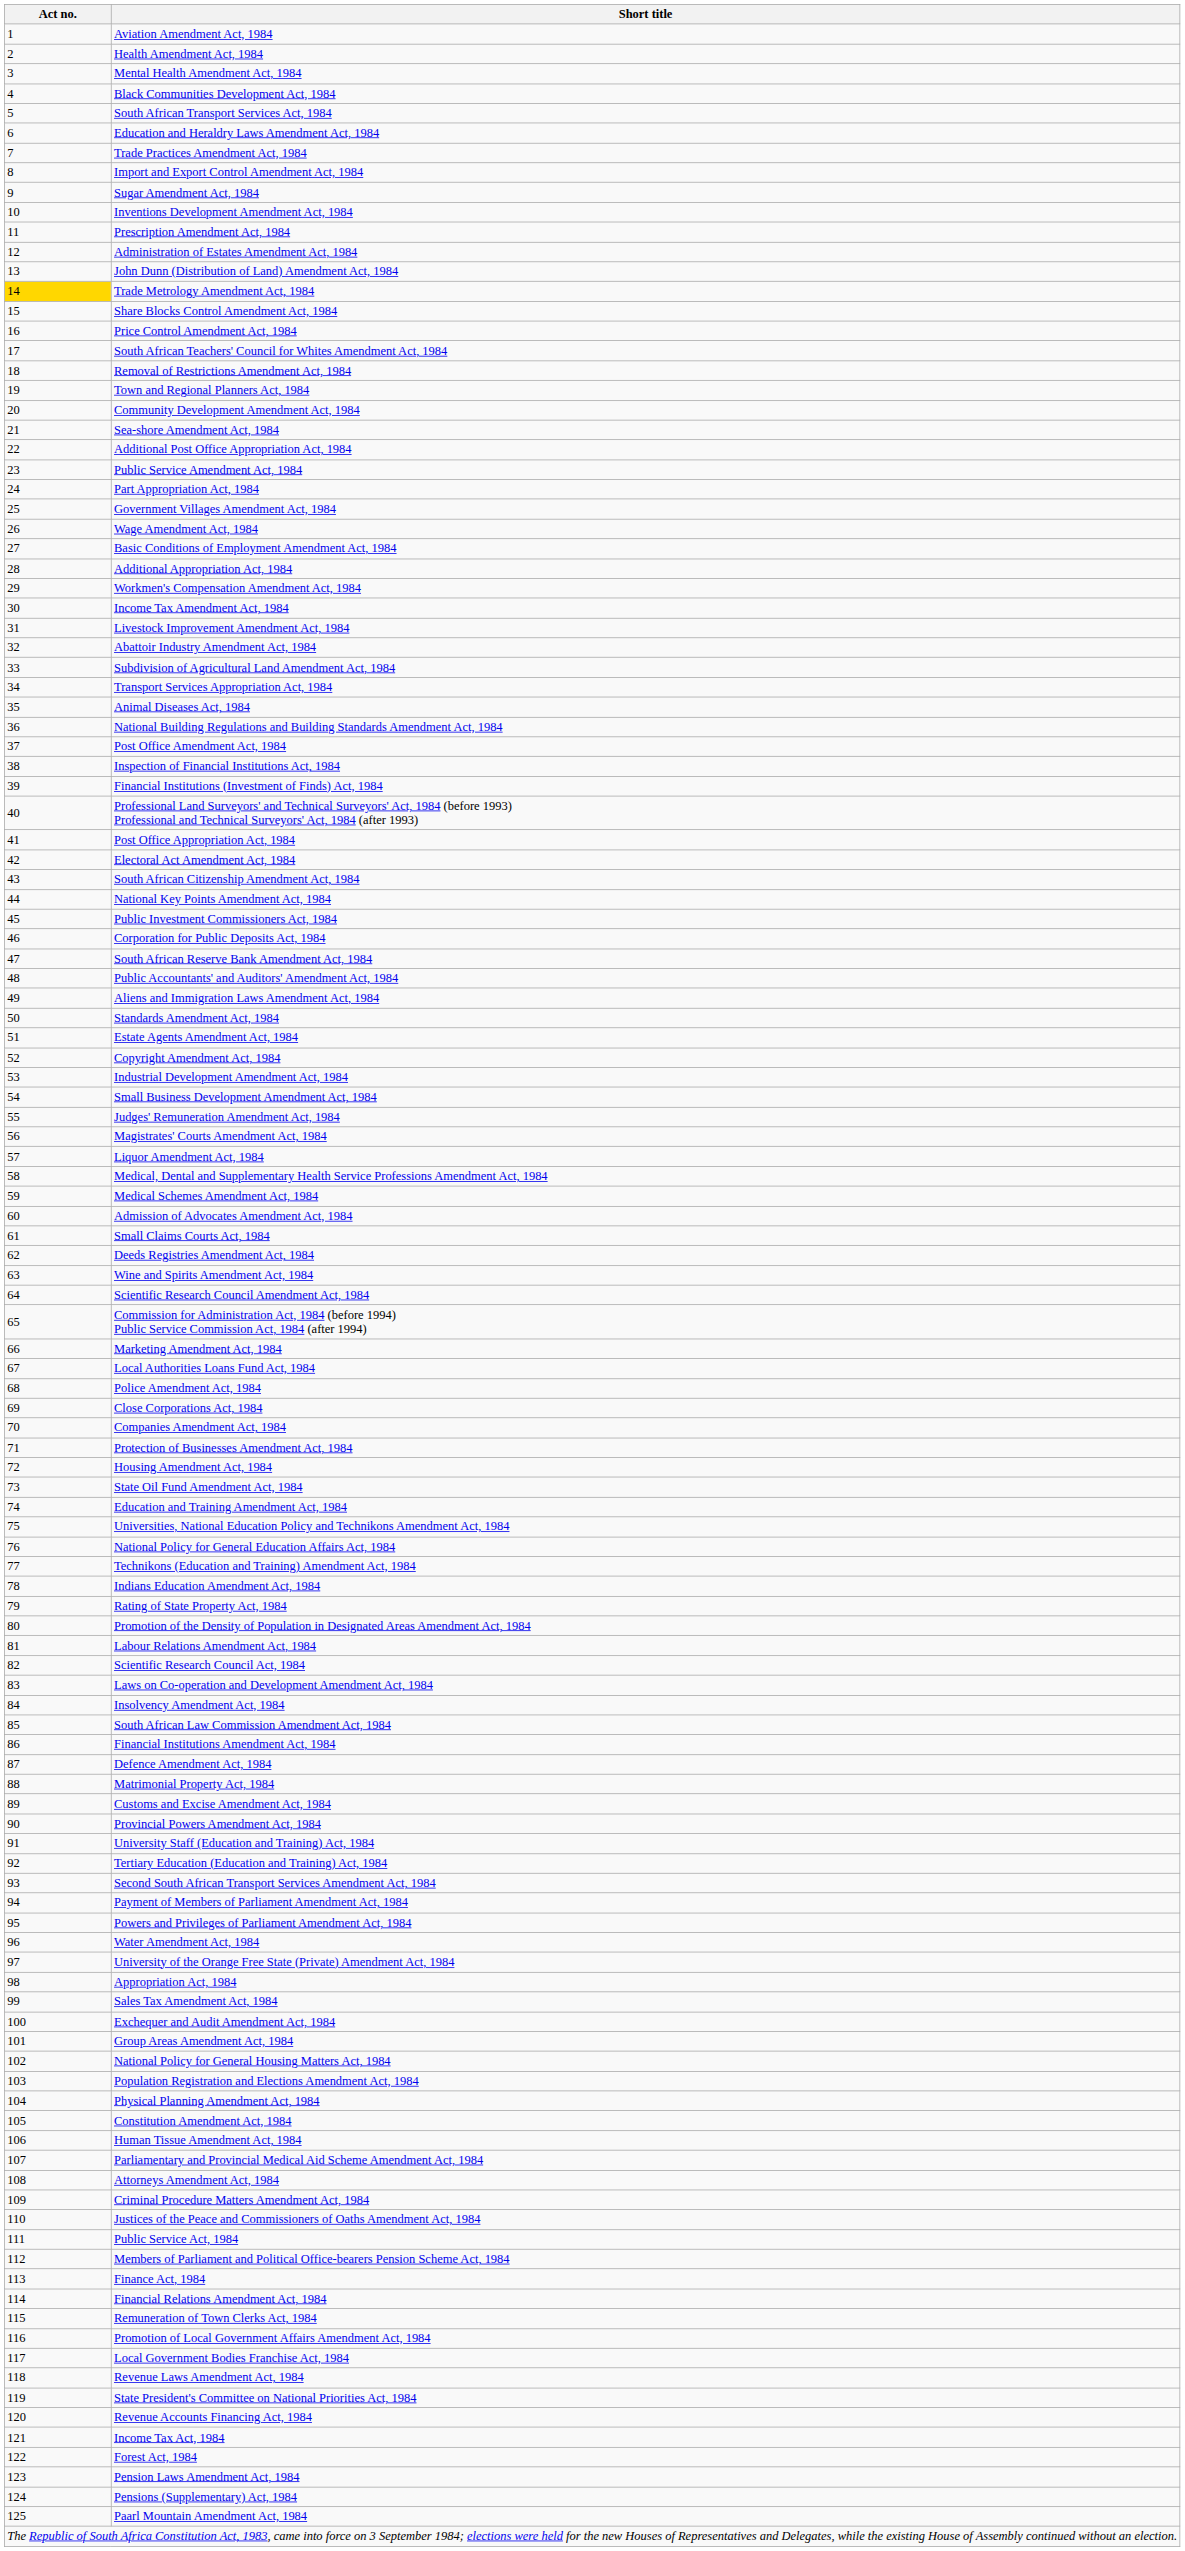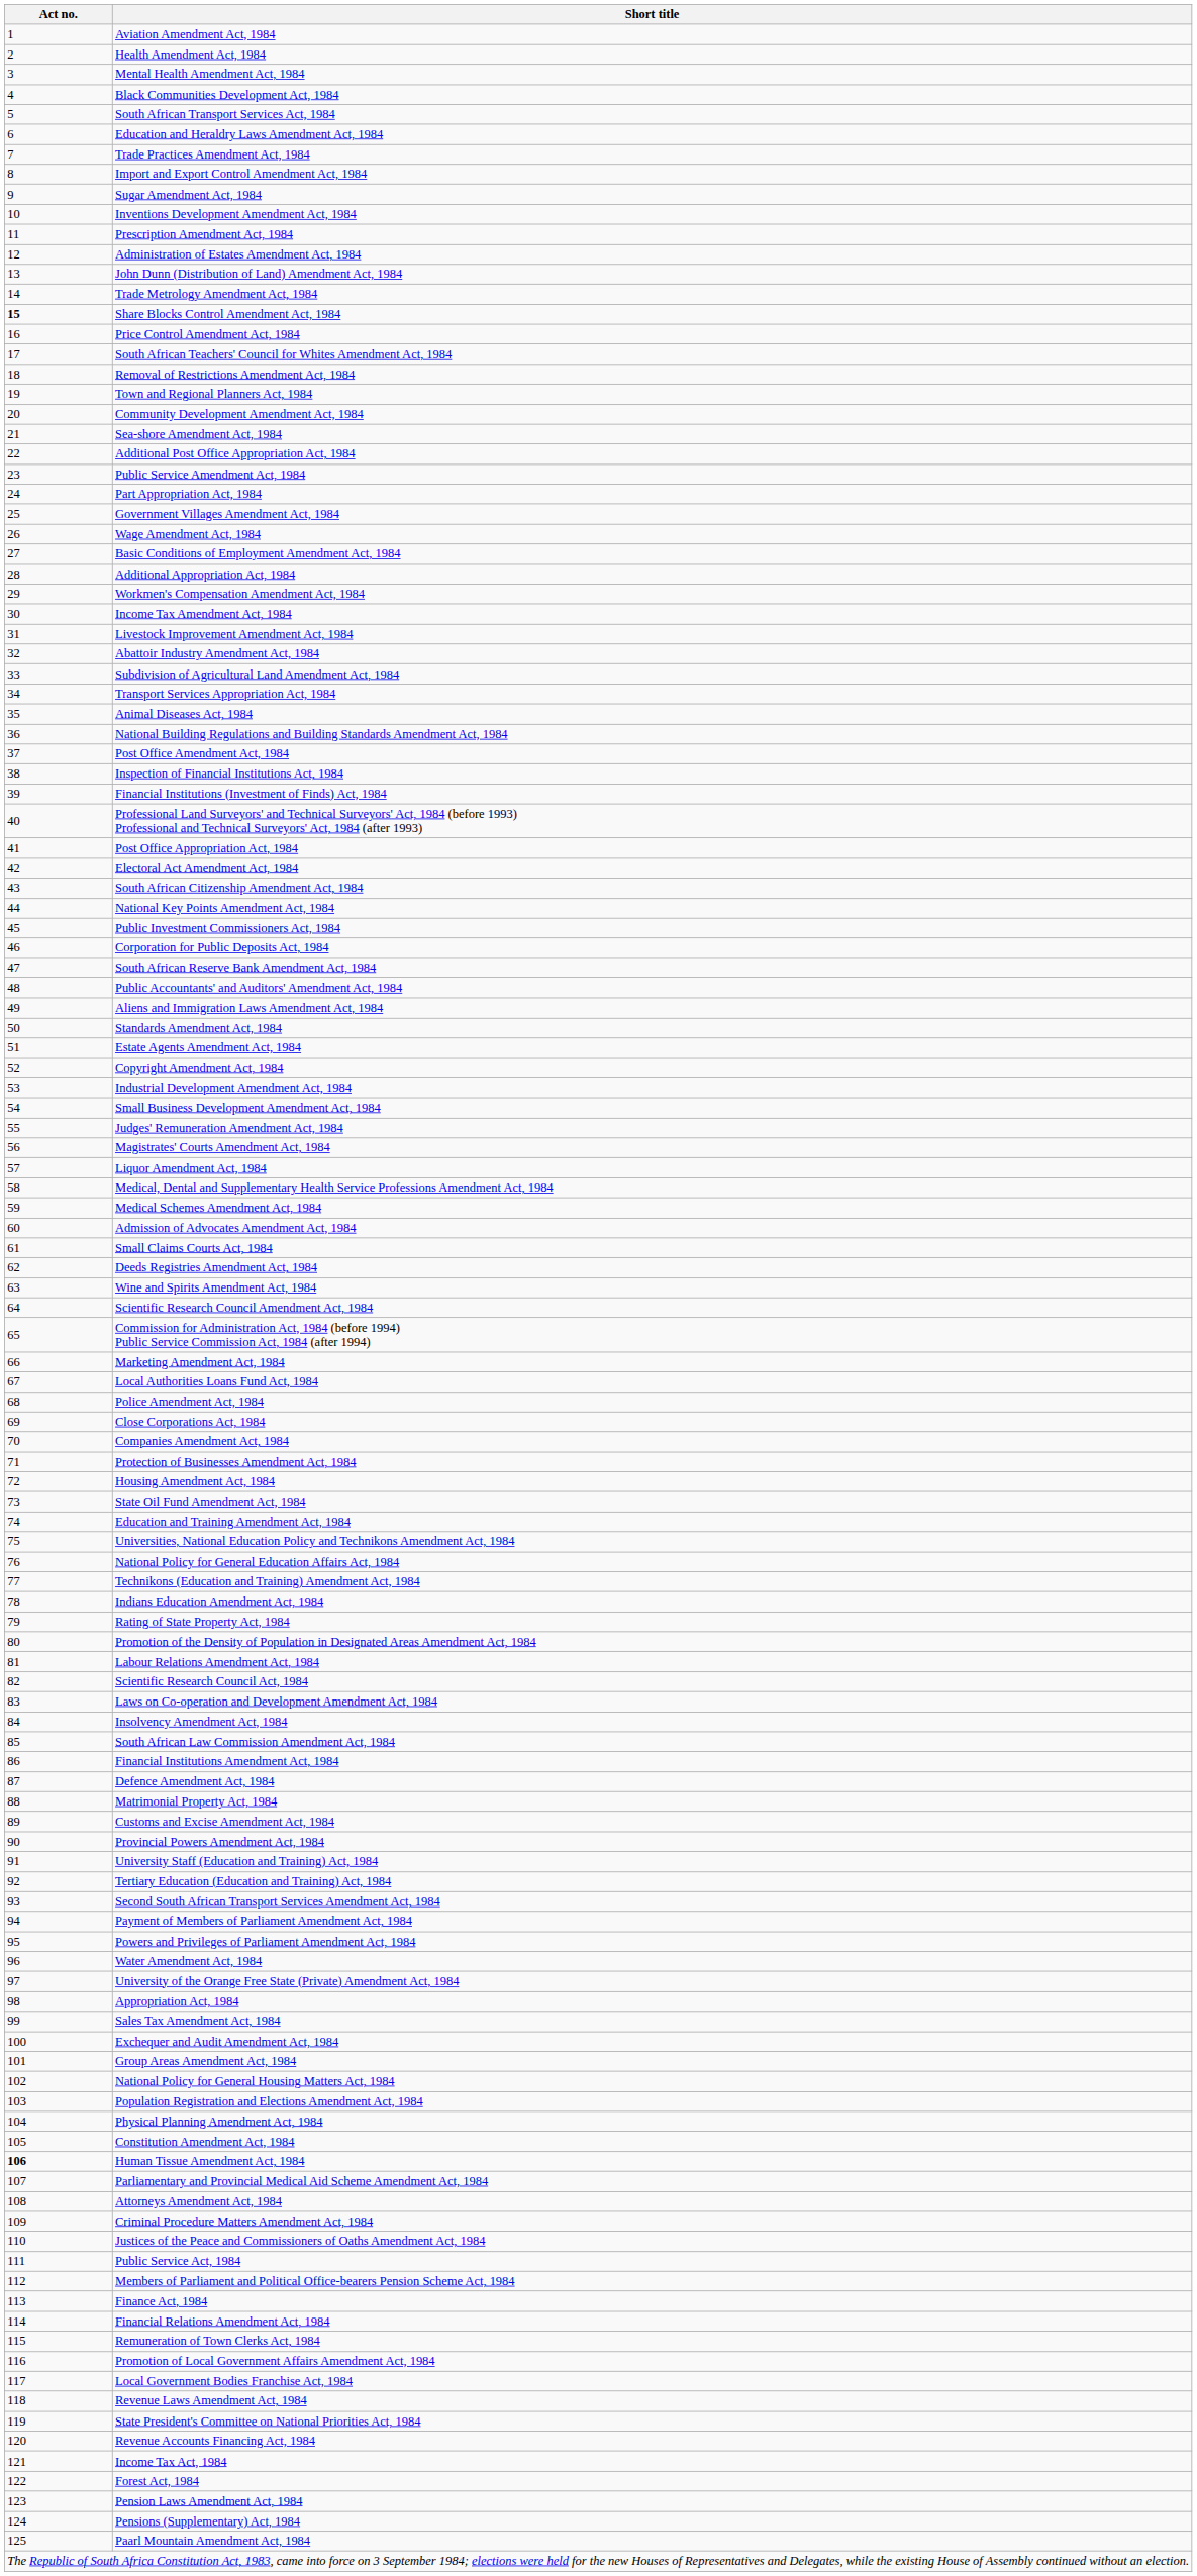 <table class="wikitable sortable">
 <tr>
 <th>Act no.</th>
 <th>Short title</th>
 </tr>
 <tr>
 <td>1</td>
 <td><a href='#'>Aviation Amendment Act, 1984</a></td>
 </tr>
 <tr>
 <td>2</td>
 <td><a href='#'>Health Amendment Act, 1984</a></td>
 </tr>
 <tr>
 <td>3</td>
 <td><a href='#'>Mental Health Amendment Act, 1984</a></td>
 </tr>
 <tr>
 <td>4</td>
 <td><a href='#'>Black Communities Development Act, 1984</a></td>
 </tr>
 <tr>
 <td>5</td>
 <td><a href='#'>South African Transport Services Act, 1984</a></td>
 </tr>
 <tr>
 <td>6</td>
 <td><a href='#'>Education and Heraldry Laws Amendment Act, 1984</a></td>
 </tr>
 <tr>
 <td>7</td>
 <td><a href='#'>Trade Practices Amendment Act, 1984</a></td>
 </tr>
 <tr>
 <td>8</td>
 <td><a href='#'>Import and Export Control Amendment Act, 1984</a></td>
 </tr>
 <tr>
 <td>9</td>
 <td><a href='#'>Sugar Amendment Act, 1984</a></td>
 </tr>
 <tr>
 <td>10</td>
 <td><a href='#'>Inventions Development Amendment Act, 1984</a></td>
 </tr>
 <tr>
 <td>11</td>
 <td><a href='#'>Prescription Amendment Act, 1984</a></td>
 </tr>
 <tr>
 <td>12</td>
 <td><a href='#'>Administration of Estates Amendment Act, 1984</a></td>
 </tr>
 <tr>
 <td>13</td>
 <td><a href='#'>John Dunn (Distribution of Land) Amendment Act, 1984</a></td>
 </tr>
 <tr>
-<td style="background: gold;">14</td>
+<td>14</td>
 <td><a href='#'>Trade Metrology Amendment Act, 1984</a></td>
 </tr>
 <tr>
-<td>15</td>
+<td><strong>15</strong></td>
 <td><a href='#'>Share Blocks Control Amendment Act, 1984</a></td>
 </tr>
 <tr>
 <td>16</td>
 <td><a href='#'>Price Control Amendment Act, 1984</a></td>
 </tr>
 <tr>
 <td>17</td>
 <td><a href='#'>South African Teachers' Council for Whites Amendment Act, 1984</a></td>
 </tr>
 <tr>
 <td>18</td>
 <td><a href='#'>Removal of Restrictions Amendment Act, 1984</a></td>
 </tr>
 <tr>
 <td>19</td>
 <td><a href='#'>Town and Regional Planners Act, 1984</a></td>
 </tr>
 <tr>
 <td>20</td>
 <td><a href='#'>Community Development Amendment Act, 1984</a></td>
 </tr>
 <tr>
 <td>21</td>
 <td><a href='#'>Sea-shore Amendment Act, 1984</a></td>
 </tr>
 <tr>
 <td>22</td>
 <td><a href='#'>Additional Post Office Appropriation Act, 1984</a></td>
 </tr>
 <tr>
 <td>23</td>
 <td><a href='#'>Public Service Amendment Act, 1984</a></td>
 </tr>
 <tr>
 <td>24</td>
 <td><a href='#'>Part Appropriation Act, 1984</a></td>
 </tr>
 <tr>
 <td>25</td>
 <td><a href='#'>Government Villages Amendment Act, 1984</a></td>
 </tr>
 <tr>
 <td>26</td>
 <td><a href='#'>Wage Amendment Act, 1984</a></td>
 </tr>
 <tr>
 <td>27</td>
 <td><a href='#'>Basic Conditions of Employment Amendment Act, 1984</a></td>
 </tr>
 <tr>
 <td>28</td>
 <td><a href='#'>Additional Appropriation Act, 1984</a></td>
 </tr>
 <tr>
 <td>29</td>
 <td><a href='#'>Workmen's Compensation Amendment Act, 1984</a></td>
 </tr>
 <tr>
 <td>30</td>
 <td><a href='#'>Income Tax Amendment Act, 1984</a></td>
 </tr>
 <tr>
 <td>31</td>
 <td><a href='#'>Livestock Improvement Amendment Act, 1984</a></td>
 </tr>
 <tr>
 <td>32</td>
 <td><a href='#'>Abattoir Industry Amendment Act, 1984</a></td>
 </tr>
 <tr>
 <td>33</td>
 <td><a href='#'>Subdivision of Agricultural Land Amendment Act, 1984</a></td>
 </tr>
 <tr>
 <td>34</td>
 <td><a href='#'>Transport Services Appropriation Act, 1984</a></td>
 </tr>
 <tr>
 <td>35</td>
 <td><a href='#'>Animal Diseases Act, 1984</a></td>
 </tr>
 <tr>
 <td>36</td>
 <td><a href='#'>National Building Regulations and Building Standards Amendment Act, 1984</a></td>
 </tr>
 <tr>
 <td>37</td>
 <td><a href='#'>Post Office Amendment Act, 1984</a></td>
 </tr>
 <tr>
 <td>38</td>
 <td><a href='#'>Inspection of Financial Institutions Act, 1984</a></td>
 </tr>
 <tr>
 <td>39</td>
 <td><a href='#'>Financial Institutions (Investment of Finds) Act, 1984</a></td>
 </tr>
 <tr>
 <td>40</td>
 <td><a href='#'>Professional Land Surveyors' and Technical Surveyors' Act, 1984</a> (before 1993) <br><a href='#'>Professional and Technical Surveyors' Act, 1984</a> (after 1993)</td>
 </tr>
 <tr>
 <td>41</td>
 <td><a href='#'>Post Office Appropriation Act, 1984</a></td>
 </tr>
 <tr>
 <td>42</td>
 <td><a href='#'>Electoral Act Amendment Act, 1984</a></td>
 </tr>
 <tr>
 <td>43</td>
 <td><a href='#'>South African Citizenship Amendment Act, 1984</a></td>
 </tr>
 <tr>
 <td>44</td>
 <td><a href='#'>National Key Points Amendment Act, 1984</a></td>
 </tr>
 <tr>
 <td>45</td>
 <td><a href='#'>Public Investment Commissioners Act, 1984</a></td>
 </tr>
 <tr>
 <td>46</td>
 <td><a href='#'>Corporation for Public Deposits Act, 1984</a></td>
 </tr>
 <tr>
 <td>47</td>
 <td><a href='#'>South African Reserve Bank Amendment Act, 1984</a></td>
 </tr>
 <tr>
 <td>48</td>
 <td><a href='#'>Public Accountants' and Auditors' Amendment Act, 1984</a></td>
 </tr>
 <tr>
 <td>49</td>
 <td><a href='#'>Aliens and Immigration Laws Amendment Act, 1984</a></td>
 </tr>
 <tr>
 <td>50</td>
 <td><a href='#'>Standards Amendment Act, 1984</a></td>
 </tr>
 <tr>
 <td>51</td>
 <td><a href='#'>Estate Agents Amendment Act, 1984</a></td>
 </tr>
 <tr>
 <td>52</td>
 <td><a href='#'>Copyright Amendment Act, 1984</a></td>
 </tr>
 <tr>
 <td>53</td>
 <td><a href='#'>Industrial Development Amendment Act, 1984</a></td>
 </tr>
 <tr>
 <td>54</td>
 <td><a href='#'>Small Business Development Amendment Act, 1984</a></td>
 </tr>
 <tr>
 <td>55</td>
 <td><a href='#'>Judges' Remuneration Amendment Act, 1984</a></td>
 </tr>
 <tr>
 <td>56</td>
 <td><a href='#'>Magistrates' Courts Amendment Act, 1984</a></td>
 </tr>
 <tr>
 <td>57</td>
 <td><a href='#'>Liquor Amendment Act, 1984</a></td>
 </tr>
 <tr>
 <td>58</td>
 <td><a href='#'>Medical, Dental and Supplementary Health Service Professions Amendment Act, 1984</a></td>
 </tr>
 <tr>
 <td>59</td>
 <td><a href='#'>Medical Schemes Amendment Act, 1984</a></td>
 </tr>
 <tr>
 <td>60</td>
 <td><a href='#'>Admission of Advocates Amendment Act, 1984</a></td>
 </tr>
 <tr>
 <td>61</td>
 <td><a href='#'>Small Claims Courts Act, 1984</a></td>
 </tr>
 <tr>
 <td>62</td>
 <td><a href='#'>Deeds Registries Amendment Act, 1984</a></td>
 </tr>
 <tr>
 <td>63</td>
 <td><a href='#'>Wine and Spirits Amendment Act, 1984</a></td>
 </tr>
 <tr>
 <td>64</td>
 <td><a href='#'>Scientific Research Council Amendment Act, 1984</a></td>
 </tr>
 <tr>
 <td>65</td>
 <td><a href='#'>Commission for Administration Act, 1984</a> (before 1994) <br><a href='#'>Public Service Commission Act, 1984</a> (after 1994)</td>
 </tr>
 <tr>
 <td>66</td>
 <td><a href='#'>Marketing Amendment Act, 1984</a></td>
 </tr>
 <tr>
 <td>67</td>
 <td><a href='#'>Local Authorities Loans Fund Act, 1984</a></td>
 </tr>
 <tr>
 <td>68</td>
 <td><a href='#'>Police Amendment Act, 1984</a></td>
 </tr>
 <tr>
 <td>69</td>
 <td><a href='#'>Close Corporations Act, 1984</a></td>
 </tr>
 <tr>
 <td>70</td>
 <td><a href='#'>Companies Amendment Act, 1984</a></td>
 </tr>
 <tr>
 <td>71</td>
 <td><a href='#'>Protection of Businesses Amendment Act, 1984</a></td>
 </tr>
 <tr>
 <td>72</td>
 <td><a href='#'>Housing Amendment Act, 1984</a></td>
 </tr>
 <tr>
 <td>73</td>
 <td><a href='#'>State Oil Fund Amendment Act, 1984</a></td>
 </tr>
 <tr>
 <td>74</td>
 <td><a href='#'>Education and Training Amendment Act, 1984</a></td>
 </tr>
 <tr>
 <td>75</td>
 <td><a href='#'>Universities, National Education Policy and Technikons Amendment Act, 1984</a></td>
 </tr>
 <tr>
 <td>76</td>
 <td><a href='#'>National Policy for General Education Affairs Act, 1984</a></td>
 </tr>
 <tr>
 <td>77</td>
 <td><a href='#'>Technikons (Education and Training) Amendment Act, 1984</a></td>
 </tr>
 <tr>
 <td>78</td>
 <td><a href='#'>Indians Education Amendment Act, 1984</a></td>
 </tr>
 <tr>
 <td>79</td>
 <td><a href='#'>Rating of State Property Act, 1984</a></td>
 </tr>
 <tr>
 <td>80</td>
 <td><a href='#'>Promotion of the Density of Population in Designated Areas Amendment Act, 1984</a></td>
 </tr>
 <tr>
 <td>81</td>
 <td><a href='#'>Labour Relations Amendment Act, 1984</a></td>
 </tr>
 <tr>
 <td>82</td>
 <td><a href='#'>Scientific Research Council Act, 1984</a></td>
 </tr>
 <tr>
 <td>83</td>
 <td><a href='#'>Laws on Co-operation and Development Amendment Act, 1984</a></td>
 </tr>
 <tr>
 <td>84</td>
 <td><a href='#'>Insolvency Amendment Act, 1984</a></td>
 </tr>
 <tr>
 <td>85</td>
 <td><a href='#'>South African Law Commission Amendment Act, 1984</a></td>
 </tr>
 <tr>
 <td>86</td>
 <td><a href='#'>Financial Institutions Amendment Act, 1984</a></td>
 </tr>
 <tr>
 <td>87</td>
 <td><a href='#'>Defence Amendment Act, 1984</a></td>
 </tr>
 <tr>
 <td>88</td>
 <td><a href='#'>Matrimonial Property Act, 1984</a></td>
 </tr>
 <tr>
 <td>89</td>
 <td><a href='#'>Customs and Excise Amendment Act, 1984</a></td>
 </tr>
 <tr>
 <td>90</td>
 <td><a href='#'>Provincial Powers Amendment Act, 1984</a></td>
 </tr>
 <tr>
 <td>91</td>
 <td><a href='#'>University Staff (Education and Training) Act, 1984</a></td>
 </tr>
 <tr>
 <td>92</td>
 <td><a href='#'>Tertiary Education (Education and Training) Act, 1984</a></td>
 </tr>
 <tr>
 <td>93</td>
 <td><a href='#'>Second South African Transport Services Amendment Act, 1984</a></td>
 </tr>
 <tr>
 <td>94</td>
 <td><a href='#'>Payment of Members of Parliament Amendment Act, 1984</a></td>
 </tr>
 <tr>
 <td>95</td>
 <td><a href='#'>Powers and Privileges of Parliament Amendment Act, 1984</a></td>
 </tr>
 <tr>
 <td>96</td>
 <td><a href='#'>Water Amendment Act, 1984</a></td>
 </tr>
 <tr>
 <td>97</td>
 <td><a href='#'>University of the Orange Free State (Private) Amendment Act, 1984</a></td>
 </tr>
 <tr>
 <td>98</td>
 <td><a href='#'>Appropriation Act, 1984</a></td>
 </tr>
 <tr>
 <td>99</td>
 <td><a href='#'>Sales Tax Amendment Act, 1984</a></td>
 </tr>
 <tr>
 <td>100</td>
 <td><a href='#'>Exchequer and Audit Amendment Act, 1984</a></td>
 </tr>
 <tr>
 <td>101</td>
 <td><a href='#'>Group Areas Amendment Act, 1984</a></td>
 </tr>
 <tr>
 <td>102</td>
 <td><a href='#'>National Policy for General Housing Matters Act, 1984</a></td>
 </tr>
 <tr>
 <td>103</td>
 <td><a href='#'>Population Registration and Elections Amendment Act, 1984</a></td>
 </tr>
 <tr>
 <td>104</td>
 <td><a href='#'>Physical Planning Amendment Act, 1984</a></td>
 </tr>
 <tr>
 <td>105</td>
 <td><a href='#'>Constitution Amendment Act, 1984</a></td>
 </tr>
 <tr>
-<td>106</td>
+<td><strong>106</strong></td>
 <td><a href='#'>Human Tissue Amendment Act, 1984</a></td>
 </tr>
 <tr>
 <td>107</td>
 <td><a href='#'>Parliamentary and Provincial Medical Aid Scheme Amendment Act, 1984</a></td>
 </tr>
 <tr>
 <td>108</td>
 <td><a href='#'>Attorneys Amendment Act, 1984</a></td>
 </tr>
 <tr>
 <td>109</td>
 <td><a href='#'>Criminal Procedure Matters Amendment Act, 1984</a></td>
 </tr>
 <tr>
 <td>110</td>
 <td><a href='#'>Justices of the Peace and Commissioners of Oaths Amendment Act, 1984</a></td>
 </tr>
 <tr>
 <td>111</td>
 <td><a href='#'>Public Service Act, 1984</a></td>
 </tr>
 <tr>
 <td>112</td>
 <td><a href='#'>Members of Parliament and Political Office-bearers Pension Scheme Act, 1984</a></td>
 </tr>
 <tr>
 <td>113</td>
 <td><a href='#'>Finance Act, 1984</a></td>
 </tr>
 <tr>
 <td>114</td>
 <td><a href='#'>Financial Relations Amendment Act, 1984</a></td>
 </tr>
 <tr>
 <td>115</td>
 <td><a href='#'>Remuneration of Town Clerks Act, 1984</a></td>
 </tr>
 <tr>
 <td>116</td>
 <td><a href='#'>Promotion of Local Government Affairs Amendment Act, 1984</a></td>
 </tr>
 <tr>
 <td>117</td>
 <td><a href='#'>Local Government Bodies Franchise Act, 1984</a></td>
 </tr>
 <tr>
 <td>118</td>
 <td><a href='#'>Revenue Laws Amendment Act, 1984</a></td>
 </tr>
 <tr>
 <td>119</td>
 <td><a href='#'>State President's Committee on National Priorities Act, 1984</a></td>
 </tr>
 <tr>
 <td>120</td>
 <td><a href='#'>Revenue Accounts Financing Act, 1984</a></td>
 </tr>
 <tr>
 <td>121</td>
 <td><a href='#'>Income Tax Act, 1984</a></td>
 </tr>
 <tr>
 <td>122</td>
 <td><a href='#'>Forest Act, 1984</a></td>
 </tr>
 <tr>
 <td>123</td>
 <td><a href='#'>Pension Laws Amendment Act, 1984</a></td>
 </tr>
 <tr>
 <td>124</td>
 <td><a href='#'>Pensions (Supplementary) Act, 1984</a></td>
 </tr>
 <tr>
 <td>125</td>
 <td><a href='#'>Paarl Mountain Amendment Act, 1984</a></td>
 </tr>
 <tr>
 <td colspan=2 align=center><em>The <a href='#'>Republic of South Africa Constitution Act, 1983</a>, came into force on 3 September 1984; <a href='#'>elections were held</a> for the new Houses of Representatives and Delegates, while the existing House of Assembly continued without an election.</em></td>
 </tr>
 </table>
